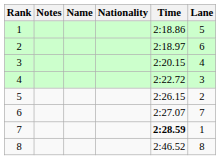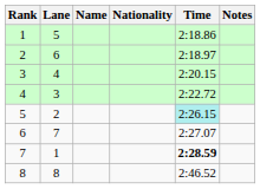 <table class="wikitable sortable" style="text-align:center">
 <tr>
 <th>Rank</th>
-<th>Notes</th>
+<th>Lane</th>
 <th>Name</th>
 <th>Nationality</th>
 <th>Time</th>
-<th>Lane</th>
+<th>Notes</th>
 </tr>
 <tr bgcolor=ccffcc>
 <td>1</td>
-<td><strong></strong></td>
+<td>5</td>
 <td align=left></td>
 <td align=left></td>
 <td>2:18.86</td>
-<td>5</td>
+<td><strong></strong></td>
 </tr>
 <tr bgcolor=ccffcc>
 <td>2</td>
-<td><strong></strong></td>
+<td>6</td>
 <td align=left></td>
 <td align=left></td>
 <td>2:18.97</td>
-<td>6</td>
+<td><strong></strong></td>
 </tr>
 <tr bgcolor=ccffcc>
 <td>3</td>
-<td><strong></strong></td>
+<td>4</td>
 <td align=left></td>
 <td align=left></td>
 <td>2:20.15</td>
-<td>4</td>
+<td><strong></strong></td>
 </tr>
 <tr bgcolor=ccffcc>
 <td>4</td>
-<td><strong></strong></td>
+<td>3</td>
 <td align=left></td>
 <td align=left></td>
 <td>2:22.72</td>
-<td>3</td>
+<td><strong></strong></td>
 </tr>
 <tr>
 <td>5</td>
-<td></td>
+<td>2</td>
 <td align=left></td>
 <td align=left></td>
-<td>2:26.15</td>
-<td>2</td>
+<td style="background: paleturquoise;">2:26.15</td>
+<td></td>
 </tr>
 <tr>
 <td>6</td>
-<td></td>
+<td>7</td>
 <td align=left></td>
 <td align=left></td>
 <td>2:27.07</td>
-<td>7</td>
+<td></td>
 </tr>
 <tr>
 <td>7</td>
-<td></td>
+<td>1</td>
 <td align=left></td>
 <td align=left></td>
 <td><strong>2:28.59</strong></td>
-<td>1</td>
+<td></td>
 </tr>
 <tr>
 <td>8</td>
-<td></td>
+<td>8</td>
 <td align=left></td>
 <td align=left></td>
 <td>2:46.52</td>
-<td>8</td>
+<td></td>
 </tr>
 </table>
